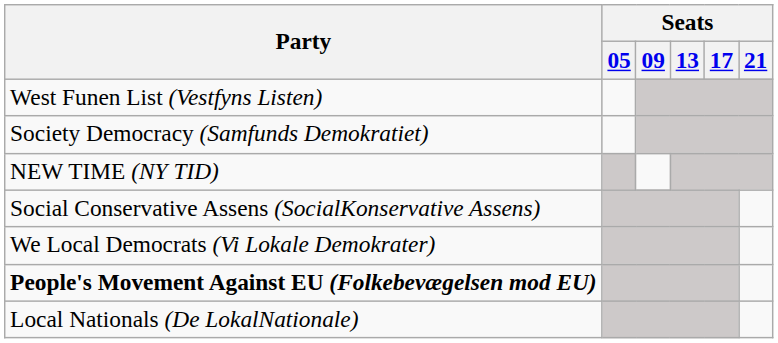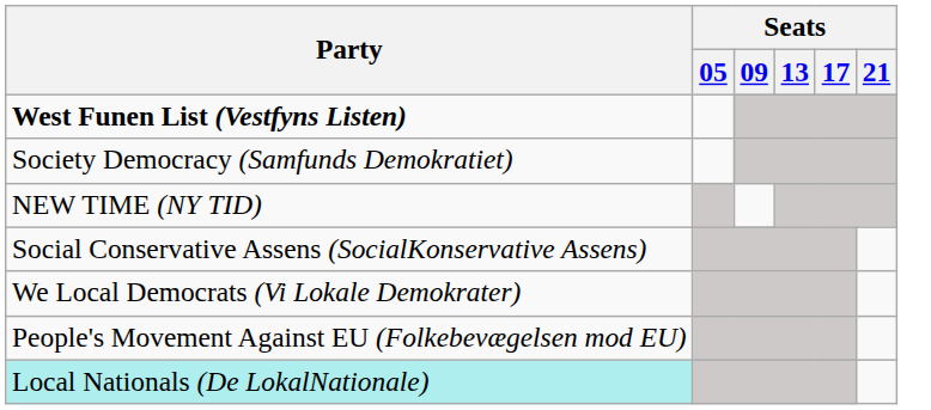 <table class="wikitable">
 <tr>
 <th rowspan=2>Party</th>
 <th colspan=11>Seats</th>
 </tr>
 <tr>
 <th><a href='#'>05</a></th>
 <th><a href='#'>09</a></th>
 <th><a href='#'>13</a></th>
 <th><a href='#'>17</a></th>
 <th><a href='#'>21</a></th>
 </tr>
 <tr>
-<td>West Funen List <em>(Vestfyns Listen)</em></td>
+<td><strong>West Funen List <em>(Vestfyns Listen)</em></strong></td>
 <td></td>
 <td style="background:#CDC9C9;" colspan=5></td>
 </tr>
 <tr>
 <td>Society Democracy <em>(Samfunds Demokratiet)</em></td>
 <td></td>
 <td style="background:#CDC9C9;" colspan=5></td>
 </tr>
 <tr>
 <td>NEW TIME <em>(NY TID)</em></td>
 <td style="background:#CDC9C9;"></td>
 <td></td>
 <td style="background:#CDC9C9;" colspan=4></td>
 </tr>
 <tr>
 <td>Social Conservative Assens <em>(SocialKonservative Assens)</em></td>
 <td style="background:#CDC9C9;" colspan=4></td>
 <td></td>
 </tr>
 <tr>
 <td>We Local Democrats <em>(Vi Lokale Demokrater)</em></td>
 <td style="background:#CDC9C9;" colspan=4></td>
 <td></td>
 </tr>
 <tr>
-<td><strong>People's Movement Against EU <em>(Folkebevægelsen mod EU)</em></strong></td>
+<td>People's Movement Against EU <em>(Folkebevægelsen mod EU)</em></td>
 <td style="background:#CDC9C9;" colspan=4></td>
 <td></td>
 </tr>
 <tr>
-<td>Local Nationals <em>(De LokalNationale)</em></td>
+<td style="background: paleturquoise;">Local Nationals <em>(De LokalNationale)</em></td>
 <td style="background:#CDC9C9;" colspan=4></td>
 <td></td>
 </tr>
 </table>
